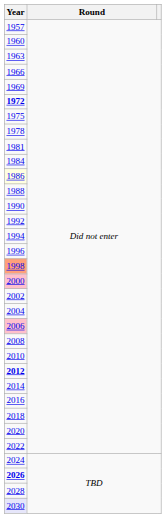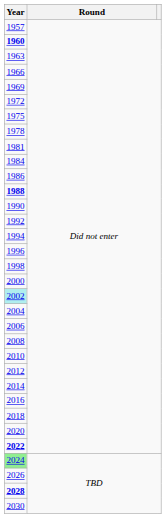 <table class="wikitable" style="text-align: center; font-size:90%">
 <tr>
 <th>Year</th>
 <th style="width:200px">Round</th>
 <th></th>
 </tr>
 <tr>
 <td><a href='#'>1957</a></td>
 <td colspan="2" rowspan="29"><em>Did not enter</em></td>
 </tr>
 <tr>
-<td><a href='#'>1960</a></td>
+<td><strong><a href='#'>1960</a></strong></td>
 </tr>
 <tr>
 <td><a href='#'>1963</a></td>
 </tr>
 <tr>
 <td><a href='#'>1966</a></td>
 </tr>
 <tr>
 <td><a href='#'>1969</a></td>
 </tr>
 <tr>
-<td><strong><a href='#'>1972</a></strong></td>
+<td><a href='#'>1972</a></td>
 </tr>
 <tr>
 <td><a href='#'>1975</a></td>
 </tr>
 <tr>
 <td><a href='#'>1978</a></td>
 </tr>
 <tr>
 <td><a href='#'>1981</a></td>
 </tr>
 <tr>
 <td><a href='#'>1984</a></td>
 </tr>
 <tr>
-<td style="background: lightyellow;"><a href='#'>1986</a></td>
+<td><a href='#'>1986</a></td>
 </tr>
 <tr>
-<td><a href='#'>1988</a></td>
+<td><strong><a href='#'>1988</a></strong></td>
 </tr>
 <tr>
 <td><a href='#'>1990</a></td>
 </tr>
 <tr>
 <td><a href='#'>1992</a></td>
 </tr>
 <tr>
 <td><a href='#'>1994</a></td>
 </tr>
 <tr>
 <td><a href='#'>1996</a></td>
 </tr>
 <tr>
-<td style="background: lightsalmon;"><a href='#'>1998</a></td>
+<td><a href='#'>1998</a></td>
 </tr>
 <tr>
-<td style="background: pink;"><a href='#'>2000</a></td>
+<td><a href='#'>2000</a></td>
 </tr>
 <tr>
-<td><a href='#'>2002</a></td>
+<td style="background: paleturquoise;"><a href='#'>2002</a></td>
 </tr>
 <tr>
 <td><a href='#'>2004</a></td>
 </tr>
 <tr>
-<td style="background: pink;"><a href='#'>2006</a></td>
+<td><a href='#'>2006</a></td>
 </tr>
 <tr>
 <td><a href='#'>2008</a></td>
 </tr>
 <tr>
 <td><a href='#'>2010</a></td>
 </tr>
 <tr>
-<td><strong><a href='#'>2012</a></strong></td>
+<td><a href='#'>2012</a></td>
 </tr>
 <tr>
 <td><a href='#'>2014</a></td>
 </tr>
 <tr>
 <td><a href='#'>2016</a></td>
 </tr>
 <tr>
 <td><a href='#'>2018</a></td>
 </tr>
 <tr>
 <td><a href='#'>2020</a></td>
 </tr>
 <tr>
-<td><a href='#'>2022</a></td>
+<td><strong><a href='#'>2022</a></strong></td>
 </tr>
 <tr>
-<td><a href='#'>2024</a></td>
+<td style="background: lightgreen;"><a href='#'>2024</a></td>
 <td colspan="2" rowspan="4"><em>TBD</em></td>
 </tr>
 <tr>
-<td><strong><a href='#'>2026</a></strong></td>
+<td><a href='#'>2026</a></td>
 </tr>
 <tr>
-<td><a href='#'>2028</a></td>
+<td><strong><a href='#'>2028</a></strong></td>
 </tr>
 <tr>
-<td style="background: lavender;"><a href='#'>2030</a></td>
+<td><a href='#'>2030</a></td>
 </tr>
 </table>
